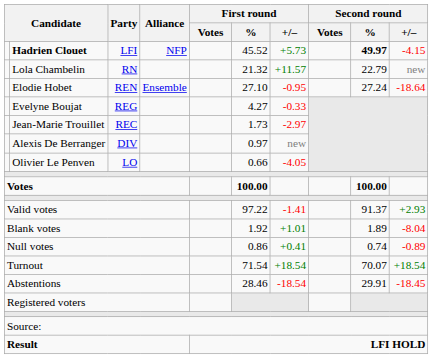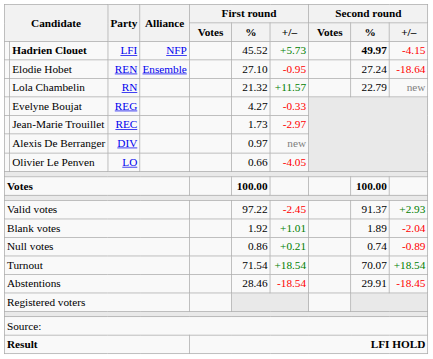 <table class="wikitable" style="text-align:right;font-size:95%;">
 <tr>
 <th rowspan="2" colspan="2">Candidate</th>
 <th colspan="1" rowspan="2">Party</th>
 <th colspan="1" rowspan="2">Alliance</th>
 <th colspan="3">First round</th>
 <th colspan="3">Second round</th>
 </tr>
 <tr>
 <th style="width:50px;">Votes</th>
 <th style="width:45px;">%</th>
 <th style="width:45px;">+/–</th>
 <th style="width:50px;">Votes</th>
 <th style="width:45px;">%</th>
 <th style="width:45px;">+/–</th>
 </tr>
 <tr>
 <td style="color:inherit;background:"></td>
 <td style="text-align:left;"><strong>Hadrien Clouet</strong></td>
 <td><a href='#'>LFI</a></td>
 <td><a href='#'>NFP</a></td>
 <td></td>
 <td>45.52</td>
 <td style="color:green;">+5.73</td>
 <td><strong></strong></td>
 <td><strong>49.97</strong></td>
 <td style="color:red;">-4.15</td>
 </tr>
 <tr>
 <td style="color:inherit;background:"></td>
+<td style="text-align:left;">Elodie Hobet</td>
+<td><a href='#'>REN</a></td>
+<td><a href='#'>Ensemble</a></td>
+<td></td>
+<td>27.10</td>
+<td style="color:red;">-0.95</td>
+<td></td>
+<td>27.24</td>
+<td style="color:red;">-18.64</td>
+</tr>
+<tr>
+<td style="color:inherit;background:"></td>
 <td style="text-align:left;">Lola Chambelin</td>
 <td><a href='#'>RN</a></td>
 <td></td>
 <td></td>
 <td>21.32</td>
 <td style="color:green;">+11.57</td>
 <td></td>
 <td>22.79</td>
 <td style="color:grey;">new</td>
-</tr>
-<tr>
-<td style="color:inherit;background:"></td>
-<td style="text-align:left;">Elodie Hobet</td>
-<td><a href='#'>REN</a></td>
-<td><a href='#'>Ensemble</a></td>
-<td></td>
-<td>27.10</td>
-<td style="color:red;">-0.95</td>
-<td></td>
-<td>27.24</td>
-<td style="color:red;">-18.64</td>
 </tr>
 <tr>
 <td style="color:inherit;background:"></td>
 <td style="text-align:left;">Evelyne Boujat</td>
 <td><a href='#'>REG</a></td>
 <td></td>
 <td></td>
 <td>4.27</td>
 <td style="color:red;">-0.33</td>
 <td colspan="3" rowspan="4" style="background:#E9E9E9;"></td>
 </tr>
 <tr>
 <td style="color:inherit;background:"></td>
 <td style="text-align:left;">Jean-Marie Trouillet</td>
 <td><a href='#'>REC</a></td>
 <td></td>
 <td></td>
 <td>1.73</td>
 <td style="color:red;">-2.97</td>
 </tr>
 <tr>
 <td style="color:inherit;background:"></td>
 <td style="text-align:left;">Alexis De Berranger</td>
 <td><a href='#'>DIV</a></td>
 <td></td>
 <td></td>
 <td>0.97</td>
 <td style="color:grey;">new</td>
 </tr>
 <tr>
 <td style="color:inherit;background:"></td>
 <td style="text-align:left;">Olivier Le Penven</td>
 <td><a href='#'>LO</a></td>
 <td></td>
 <td></td>
 <td>0.66</td>
 <td style="color:red;">-4.05</td>
 </tr>
 <tr>
 <td colspan="10" style="background:#E9E9E9;"></td>
 </tr>
 <tr style="font-weight:bold;">
 <td colspan="4" style="text-align:left;">Votes</td>
 <td></td>
 <td>100.00</td>
 <td></td>
 <td></td>
 <td>100.00</td>
 <td></td>
 </tr>
 <tr>
 <td colspan="10" style="background:#E9E9E9;"></td>
 </tr>
 <tr>
 <td colspan="4" style="text-align:left;">Valid votes</td>
 <td></td>
 <td>97.22</td>
-<td style="color:red;">-1.41</td>
+<td style="color:red;">-2.45</td>
 <td></td>
 <td>91.37</td>
 <td style="color:green;">+2.93</td>
 </tr>
 <tr>
 <td colspan="4" style="text-align:left;">Blank votes</td>
 <td></td>
 <td>1.92</td>
 <td style="color:green;">+1.01</td>
 <td></td>
 <td>1.89</td>
-<td style="color:red;">-8.04</td>
+<td style="color:red;">-2.04</td>
 </tr>
 <tr>
 <td colspan="4" style="text-align:left;">Null votes</td>
 <td></td>
 <td>0.86</td>
-<td style="color:green;">+0.41</td>
+<td style="color:green;">+0.21</td>
 <td></td>
 <td>0.74</td>
 <td style="color:red;">-0.89</td>
 </tr>
 <tr>
 <td colspan="4" style="text-align:left;">Turnout</td>
 <td></td>
 <td>71.54</td>
 <td style="color:green;">+18.54</td>
 <td></td>
 <td>70.07</td>
 <td style="color:green;">+18.54</td>
 </tr>
 <tr>
 <td colspan="4" style="text-align:left;">Abstentions</td>
 <td></td>
 <td>28.46</td>
 <td style="color:red;">-18.54</td>
 <td></td>
 <td>29.91</td>
 <td style="color:red;">-18.45</td>
 </tr>
 <tr>
 <td colspan="4" style="text-align:left;">Registered voters</td>
 <td></td>
 <td colspan="2" style="background:#E9E9E9;"></td>
 <td></td>
 <td colspan="2" style="background:#E9E9E9;"></td>
 </tr>
 <tr>
 <td colspan="10" style="background:#E9E9E9;"></td>
 </tr>
 <tr>
 <td colspan="10" style="text-align:left;">Source: </td>
 </tr>
 <tr style="font-weight:bold">
 <td colspan="4" style="text-align:left;">Result</td>
 <td colspan="6" style="background-color:">LFI HOLD</td>
 </tr>
 </table>
